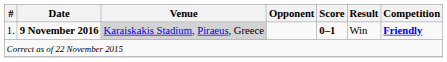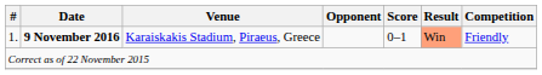 <table class="wikitable" style="font-size:95%;">
 <tr>
 <th>#</th>
 <th>Date</th>
 <th>Venue</th>
 <th>Opponent</th>
 <th>Score</th>
 <th>Result</th>
 <th>Competition</th>
 </tr>
 <tr>
 <td>1.</td>
 <td><strong>9 November 2016</strong></td>
-<td style="background: lightgrey;"><a href='#'>Karaiskakis Stadium</a>, <a href='#'>Piraeus</a>, Greece</td>
+<td><a href='#'>Karaiskakis Stadium</a>, <a href='#'>Piraeus</a>, Greece</td>
 <td></td>
-<td><strong>0–1</strong></td>
-<td>Win</td>
-<td><strong><a href='#'>Friendly</a></strong></td>
+<td>0–1</td>
+<td style="background: lightsalmon;">Win</td>
+<td><a href='#'>Friendly</a></td>
 </tr>
 <tr>
 <td colspan="12"><small><em>Correct as of 22 November 2015</em></small></td>
 </tr>
 <tr>
 </tr>
 </table>
